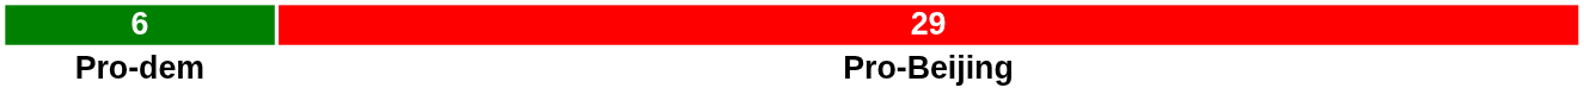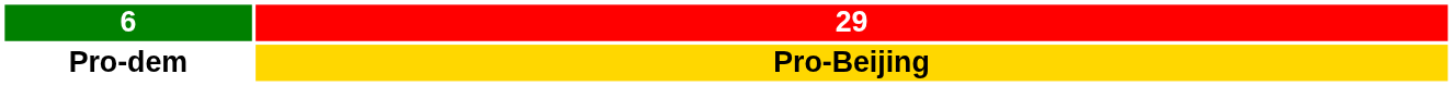 <table style="width:50%; text-align:center;">
 <tr style="color:white;">
 <td style="background:green; width:17.14%;"><strong>6</strong></td>
 <td style="background:red; width:82.85%;"><strong>29</strong></td>
 </tr>
 <tr>
 <td><span><strong>Pro-dem</strong></span></td>
-<td><span><strong>Pro-Beijing</strong></span></td>
+<td style="background: gold;"><span><strong>Pro-Beijing</strong></span></td>
 </tr>
 </table>
